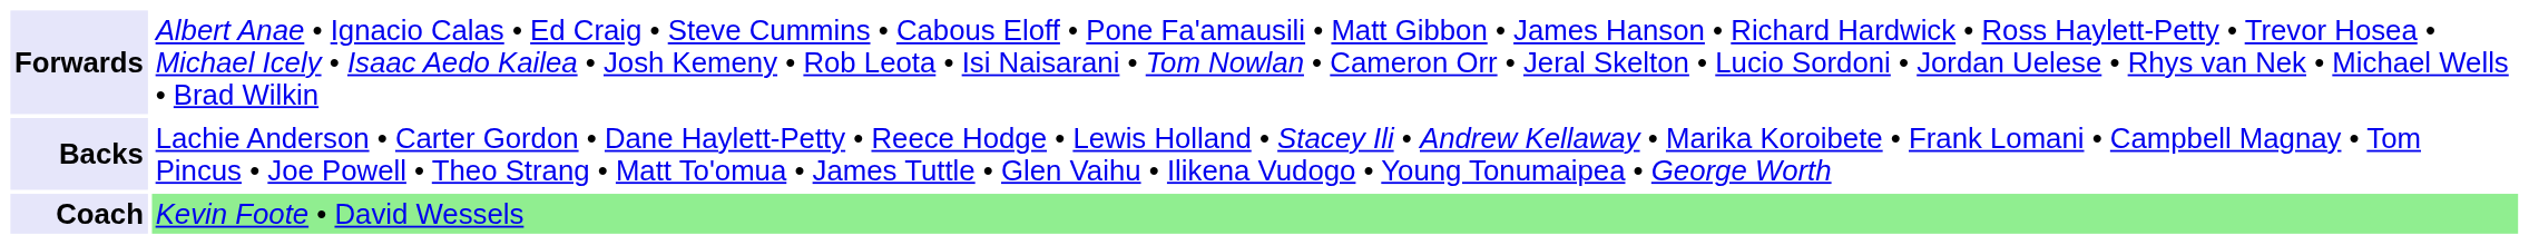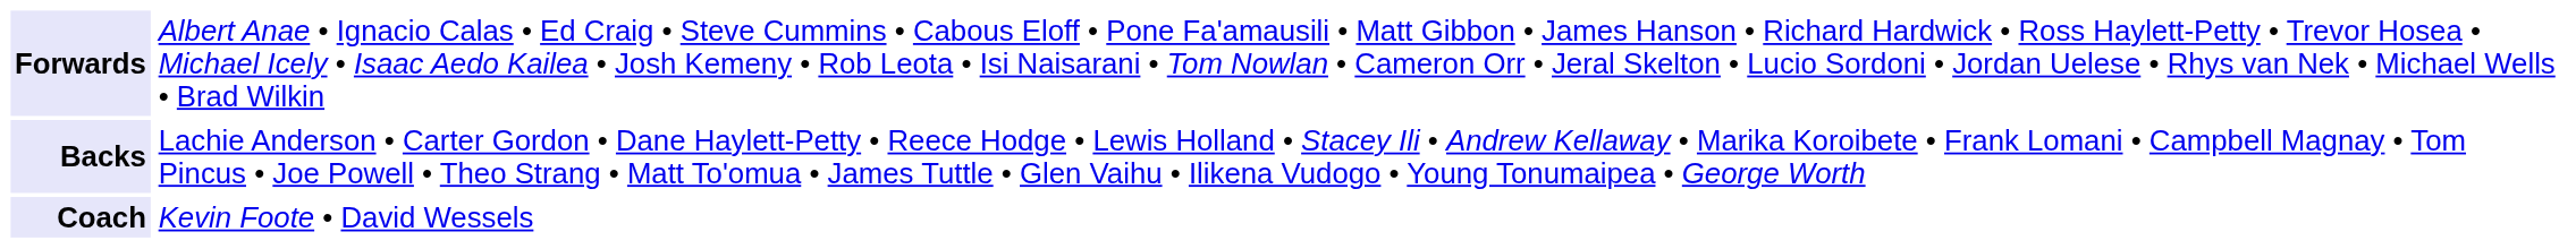 <table cellpadding="2" style="border: 1px solid white; font-size:90%;">
 <tr>
 <td style="text-align:right;" bgcolor="lavender"><strong>Forwards</strong></td>
 <td style="text-align:left;"><em><a href='#'>Albert Anae</a></em> • <a href='#'>Ignacio Calas</a> • <a href='#'>Ed Craig</a> • <a href='#'>Steve Cummins</a> • <a href='#'>Cabous Eloff</a> • <a href='#'>Pone Fa'amausili</a> • <a href='#'>Matt Gibbon</a> • <a href='#'>James Hanson</a> • <a href='#'>Richard Hardwick</a> • <a href='#'>Ross Haylett-Petty</a> • <a href='#'>Trevor Hosea</a> • <em><a href='#'>Michael Icely</a></em> • <em><a href='#'>Isaac Aedo Kailea</a></em> • <a href='#'>Josh Kemeny</a> • <a href='#'>Rob Leota</a> • <a href='#'>Isi Naisarani</a> • <em><a href='#'>Tom Nowlan</a></em> • <a href='#'>Cameron Orr</a> • <a href='#'>Jeral Skelton</a> • <a href='#'>Lucio Sordoni</a> • <a href='#'>Jordan Uelese</a> • <a href='#'>Rhys van Nek</a> • <a href='#'>Michael Wells</a> • <a href='#'>Brad Wilkin</a></td>
 </tr>
 <tr>
 <td style="text-align:right;" bgcolor="lavender"><strong>Backs</strong></td>
 <td style="text-align:left;"><a href='#'>Lachie Anderson</a> • <a href='#'>Carter Gordon</a> • <a href='#'>Dane Haylett-Petty</a> • <a href='#'>Reece Hodge</a> • <a href='#'>Lewis Holland</a> • <em><a href='#'>Stacey Ili</a></em> • <em><a href='#'>Andrew Kellaway</a></em> • <a href='#'>Marika Koroibete</a> • <a href='#'>Frank Lomani</a> • <a href='#'>Campbell Magnay</a> • <a href='#'>Tom Pincus</a> • <a href='#'>Joe Powell</a> • <a href='#'>Theo Strang</a> • <a href='#'>Matt To'omua</a> • <a href='#'>James Tuttle</a> • <a href='#'>Glen Vaihu</a> • <a href='#'>Ilikena Vudogo</a> • <a href='#'>Young Tonumaipea</a> • <em><a href='#'>George Worth</a></em></td>
 </tr>
 <tr>
 <td style="text-align:right;" bgcolor="lavender"><strong>Coach</strong></td>
-<td style="background: lightgreen; text-align:left;"><em><a href='#'>Kevin Foote</a></em> • <a href='#'>David Wessels</a></td>
+<td style="text-align:left;"><em><a href='#'>Kevin Foote</a></em> • <a href='#'>David Wessels</a></td>
 </tr>
 </table>
